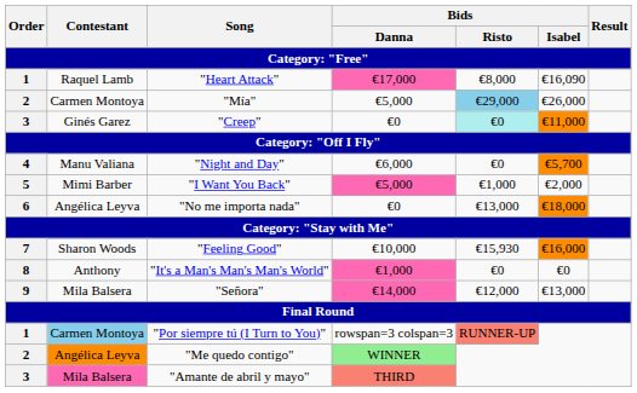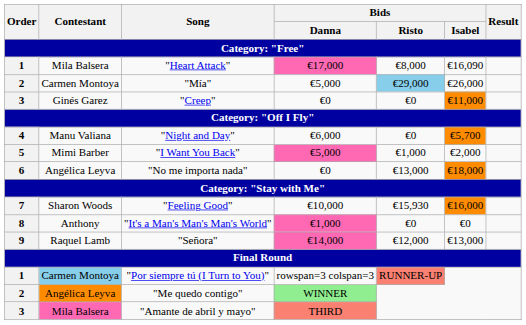 <table class=wikitable>
 <tr>
 <th rowspan=2>Order</th>
 <th rowspan=2>Contestant</th>
 <th rowspan=2>Song</th>
 <th colspan=3>Bids</th>
 <th rowspan=2>Result</th>
 </tr>
 <tr>
 <th>Danna</th>
 <th>Risto</th>
 <th>Isabel</th>
 </tr>
 <tr>
 <th scope="col" colspan="7" style="background:#0000A0; color:white;">Category: "Free"</th>
 </tr>
 <tr align=center>
 <th>1</th>
-<td>Raquel Lamb</td>
+<td>Mila Balsera</td>
 <td>"<a href='#'>Heart Attack</a>"</td>
 <td bgcolor=#ff69b4>€17,000</td>
 <td>€8,000</td>
 <td>€16,090</td>
 <td></td>
 </tr>
 <tr align=center>
 <th>2</th>
 <td>Carmen Montoya</td>
 <td>"Mía"</td>
 <td>€5,000</td>
 <td bgcolor=SkyBlue>€29,000</td>
 <td>€26,000</td>
 <td></td>
 </tr>
 <tr align=center>
 <th>3</th>
 <td>Ginés Garez</td>
 <td>"<a href='#'>Creep</a>"</td>
 <td>€0</td>
-<td style="background: paleturquoise;">€0</td>
+<td>€0</td>
 <td bgcolor=DarkOrange>€11,000</td>
 <td></td>
 </tr>
 <tr>
 <th scope="col" colspan="7" style="background:#0000A0; color:white;">Category: "Off I Fly"</th>
 </tr>
 <tr align=center>
 <th>4</th>
 <td>Manu Valiana</td>
 <td>"<a href='#'>Night and Day</a>"</td>
 <td>€6,000</td>
 <td>€0</td>
 <td bgcolor=DarkOrange>€5,700</td>
 <td></td>
 </tr>
 <tr align=center>
 <th>5</th>
 <td>Mimi Barber</td>
 <td>"<a href='#'>I Want You Back</a>"</td>
 <td bgcolor=#ff69b4>€5,000</td>
 <td>€1,000</td>
 <td>€2,000</td>
 <td></td>
 </tr>
 <tr align=center>
 <th>6</th>
 <td>Angélica Leyva</td>
 <td>"No me importa nada"</td>
 <td>€0</td>
 <td>€13,000</td>
 <td bgcolor=DarkOrange>€18,000</td>
 <td></td>
 </tr>
 <tr>
 <th scope="col" colspan="7" style="background:#0000A0; color:white;">Category: "Stay with Me"</th>
 </tr>
 <tr align=center>
 <th>7</th>
 <td>Sharon Woods</td>
 <td>"<a href='#'>Feeling Good</a>"</td>
 <td>€10,000</td>
 <td>€15,930</td>
 <td bgcolor=DarkOrange>€16,000</td>
 <td></td>
 </tr>
 <tr align=center>
 <th>8</th>
 <td>Anthony</td>
 <td>"<a href='#'>It's a Man's Man's Man's World</a>"</td>
 <td bgcolor=#ff69b4>€1,000</td>
 <td>€0</td>
 <td>€0</td>
 <td></td>
 </tr>
 <tr align=center>
 <th>9</th>
-<td>Mila Balsera</td>
+<td>Raquel Lamb</td>
 <td>"Señora"</td>
 <td bgcolor=#ff69b4>€14,000</td>
 <td>€12,000</td>
 <td>€13,000</td>
 <td></td>
 </tr>
 <tr>
 <th scope="col" colspan="7" style="background:#0000A0; color:white;">Final Round</th>
 </tr>
 <tr align=center>
 <th>1</th>
 <td bgcolor=SkyBlue>Carmen Montoya</td>
 <td>"<a href='#'>Por siempre tú (I Turn to You)</a>"</td>
 <td>rowspan=3 colspan=3 </td>
 <td bgcolor=salmon>RUNNER-UP</td>
 </tr>
 <tr align=center>
 <th>2</th>
 <td bgcolor=DarkOrange>Angélica Leyva</td>
 <td>"Me quedo contigo"</td>
 <td bgcolor=lightgreen>WINNER</td>
 </tr>
 <tr align=center>
 <th>3</th>
 <td bgcolor=#ff69b4>Mila Balsera</td>
 <td>"Amante de abril y mayo"</td>
 <td bgcolor=salmon>THIRD</td>
 </tr>
 </table>
